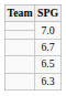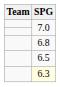 <table class=wikitable>
 <tr>
 <th>Team</th>
 <th>SPG</th>
 </tr>
 <tr>
 <td></td>
 <td align=center rowspan=2>7.0</td>
 </tr>
 <tr>
 <td></td>
 </tr>
 <tr>
 <td></td>
-<td align=center>6.7</td>
+<td align=center>6.8</td>
 </tr>
 <tr>
 <td></td>
 <td align=center>6.5</td>
 </tr>
 <tr>
 <td></td>
-<td align=center>6.3</td>
+<td align=center style="background: lightyellow;">6.3</td>
 </tr>
 </table>
